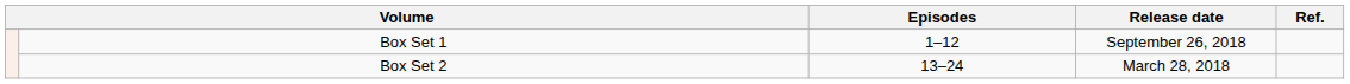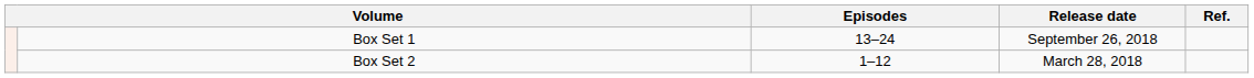 <table class="wikitable" style="text-align: center; width: 70%;">
 <tr>
 <th colspan="2">Volume</th>
 <th width="20%">Episodes</th>
 <th width="15%">Release date</th>
 <th width="5%">Ref.</th>
 </tr>
 <tr>
 <td rowspan="2" width="1%" style="background: #FCEFE9;"></td>
 <td>Box Set 1</td>
-<td>1–12</td>
+<td>13–24</td>
 <td>September 26, 2018</td>
 <td></td>
 </tr>
 <tr>
 <td>Box Set 2</td>
-<td>13–24</td>
+<td>1–12</td>
 <td>March 28, 2018</td>
 <td></td>
 </tr>
 </table>
